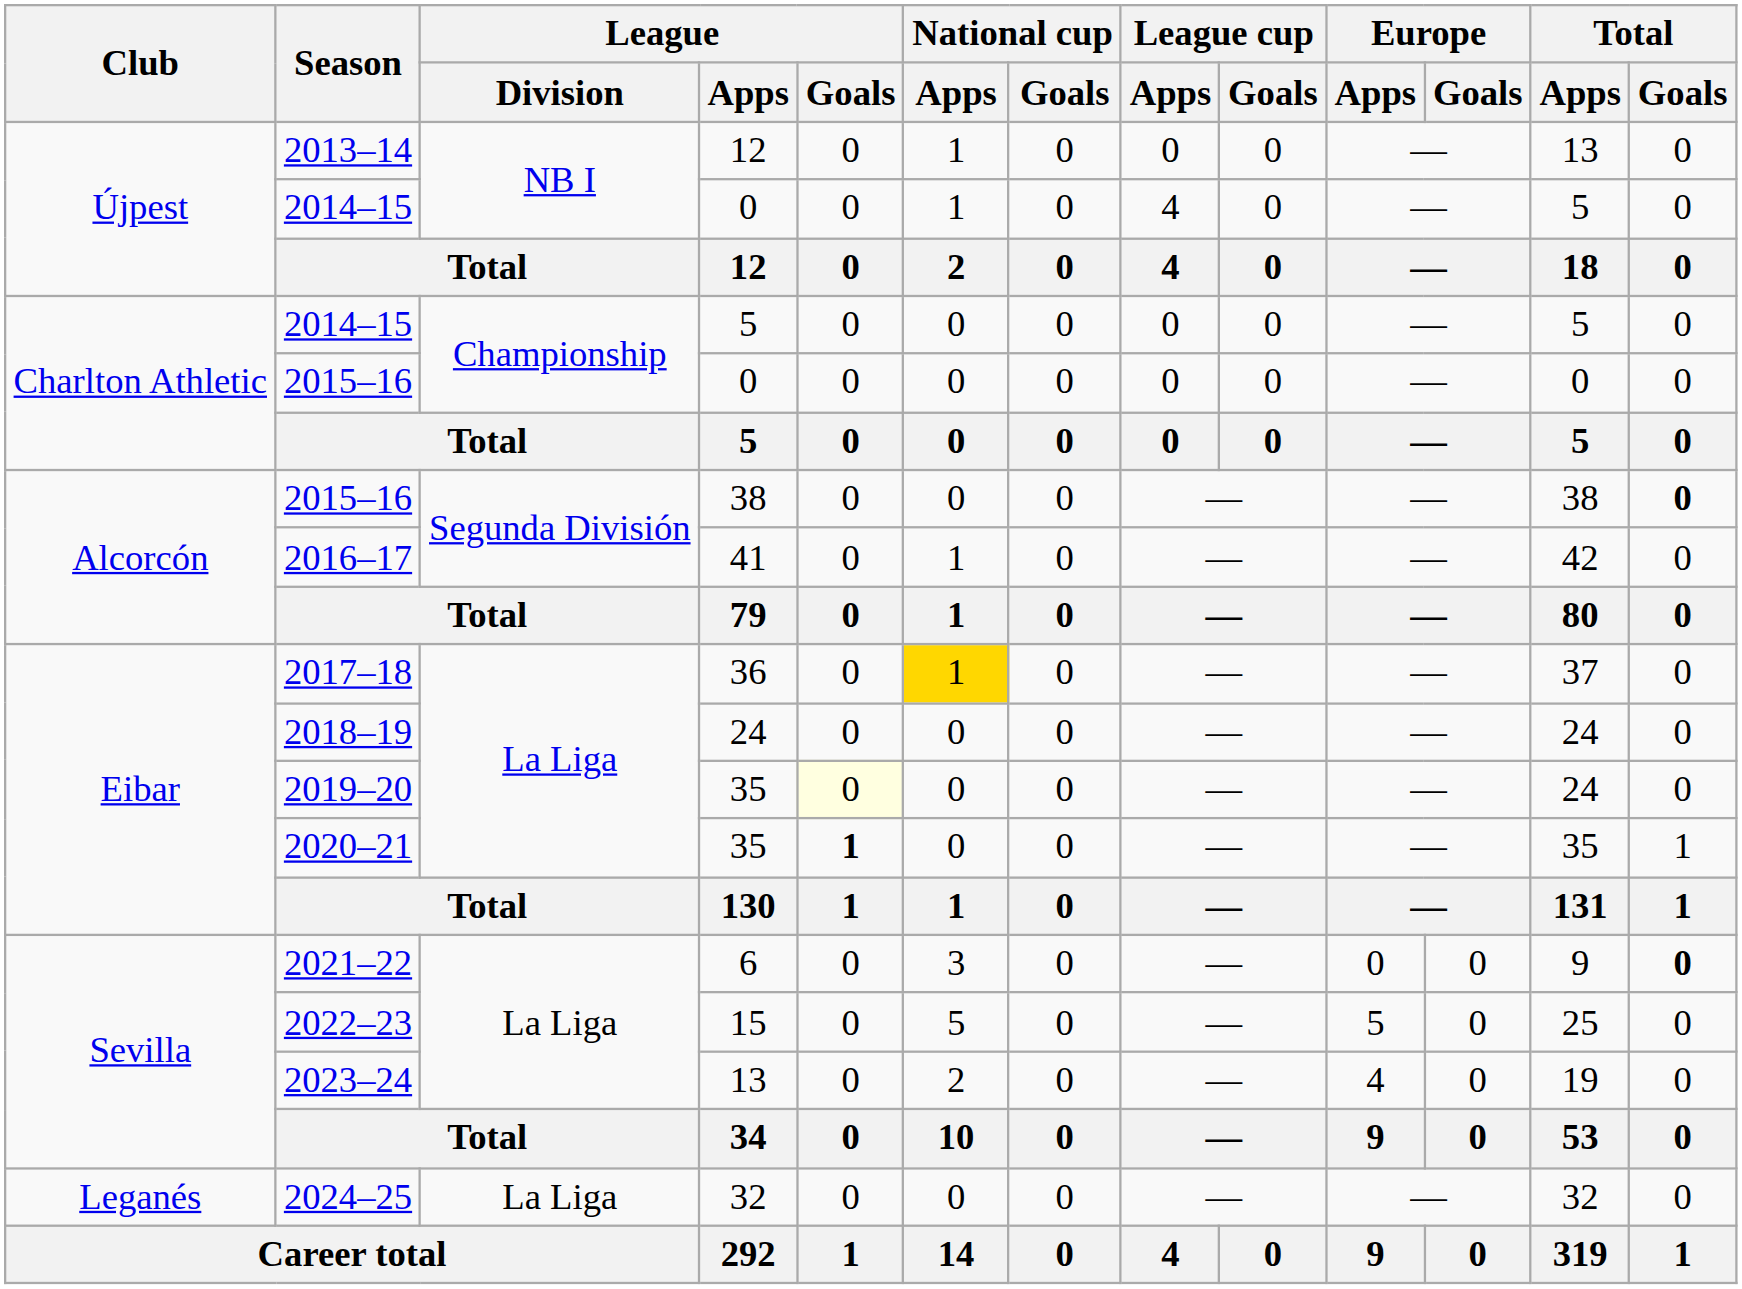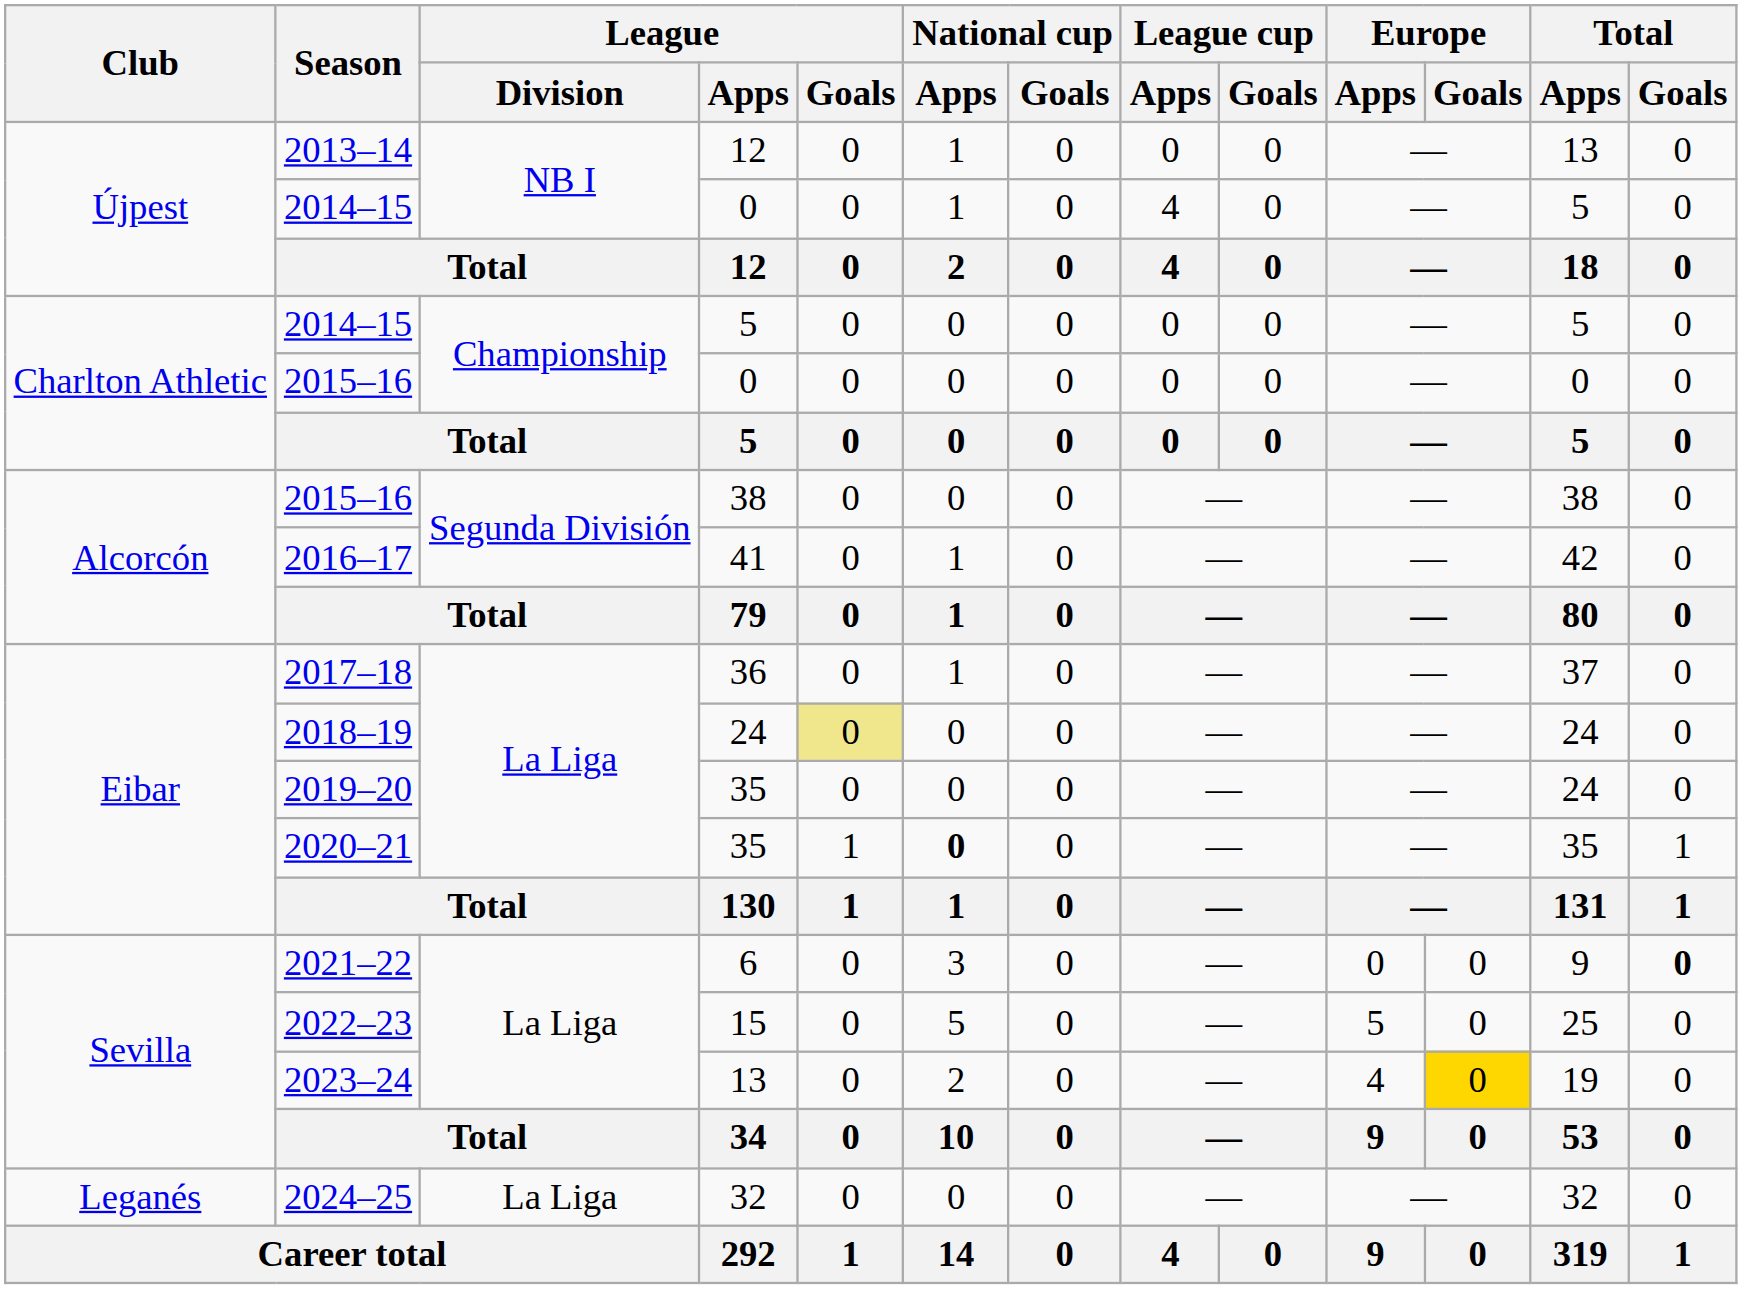 <table class="wikitable" style="text-align:center">
 <tr>
 <th rowspan="2">Club</th>
 <th rowspan="2">Season</th>
 <th colspan="3">League</th>
 <th colspan="2">National cup</th>
 <th colspan="2">League cup</th>
 <th colspan="2">Europe</th>
 <th colspan="2">Total</th>
 </tr>
 <tr>
 <th>Division</th>
 <th>Apps</th>
 <th>Goals</th>
 <th>Apps</th>
 <th>Goals</th>
 <th>Apps</th>
 <th>Goals</th>
 <th>Apps</th>
 <th>Goals</th>
 <th>Apps</th>
 <th>Goals</th>
 </tr>
 <tr>
 <td rowspan="3"><a href='#'>Újpest</a></td>
 <td><a href='#'>2013–14</a></td>
 <td rowspan="2"><a href='#'>NB I</a></td>
 <td>12</td>
 <td>0</td>
 <td>1</td>
 <td>0</td>
 <td>0</td>
 <td>0</td>
 <td colspan="2">—</td>
 <td>13</td>
 <td>0</td>
 </tr>
 <tr>
 <td><a href='#'>2014–15</a></td>
 <td>0</td>
 <td>0</td>
 <td>1</td>
 <td>0</td>
 <td>4</td>
 <td>0</td>
 <td colspan="2">—</td>
 <td>5</td>
 <td>0</td>
 </tr>
 <tr>
 <th colspan="2">Total</th>
 <th>12</th>
 <th>0</th>
 <th>2</th>
 <th>0</th>
 <th>4</th>
 <th>0</th>
 <th colspan="2">—</th>
 <th>18</th>
 <th>0</th>
 </tr>
 <tr>
 <td rowspan="3"><a href='#'>Charlton Athletic</a></td>
 <td><a href='#'>2014–15</a></td>
 <td rowspan="2"><a href='#'>Championship</a></td>
 <td>5</td>
 <td>0</td>
 <td>0</td>
 <td>0</td>
 <td>0</td>
 <td>0</td>
 <td colspan="2">—</td>
 <td>5</td>
 <td>0</td>
 </tr>
 <tr>
 <td><a href='#'>2015–16</a></td>
 <td>0</td>
 <td>0</td>
 <td>0</td>
 <td>0</td>
 <td>0</td>
 <td>0</td>
 <td colspan="2">—</td>
 <td>0</td>
 <td>0</td>
 </tr>
 <tr>
 <th colspan="2">Total</th>
 <th>5</th>
 <th>0</th>
 <th>0</th>
 <th>0</th>
 <th>0</th>
 <th>0</th>
 <th colspan="2">—</th>
 <th>5</th>
 <th>0</th>
 </tr>
 <tr>
 <td rowspan="3"><a href='#'>Alcorcón</a></td>
 <td><a href='#'>2015–16</a></td>
 <td rowspan="2"><a href='#'>Segunda División</a></td>
 <td>38</td>
 <td>0</td>
 <td>0</td>
 <td>0</td>
 <td colspan="2">—</td>
 <td colspan="2">—</td>
 <td>38</td>
-<td><strong>0</strong></td>
+<td>0</td>
 </tr>
 <tr>
 <td><a href='#'>2016–17</a></td>
 <td>41</td>
 <td>0</td>
 <td>1</td>
 <td>0</td>
 <td colspan="2">—</td>
 <td colspan="2">—</td>
 <td>42</td>
 <td>0</td>
 </tr>
 <tr>
 <th colspan="2">Total</th>
 <th>79</th>
 <th>0</th>
 <th>1</th>
 <th>0</th>
 <th colspan="2">—</th>
 <th colspan="2">—</th>
 <th>80</th>
 <th>0</th>
 </tr>
 <tr>
 <td rowspan="5"><a href='#'>Eibar</a></td>
 <td><a href='#'>2017–18</a></td>
 <td rowspan="4"><a href='#'>La Liga</a></td>
 <td>36</td>
 <td>0</td>
-<td style="background: gold;">1</td>
+<td>1</td>
 <td>0</td>
 <td colspan="2">—</td>
 <td colspan="2">—</td>
 <td>37</td>
 <td>0</td>
 </tr>
 <tr>
 <td><a href='#'>2018–19</a></td>
 <td>24</td>
-<td>0</td>
+<td style="background: khaki;">0</td>
 <td>0</td>
 <td>0</td>
 <td colspan="2">—</td>
 <td colspan="2">—</td>
 <td>24</td>
 <td>0</td>
 </tr>
 <tr>
 <td><a href='#'>2019–20</a></td>
 <td>35</td>
-<td style="background: lightyellow;">0</td>
+<td>0</td>
 <td>0</td>
 <td>0</td>
 <td colspan="2">—</td>
 <td colspan="2">—</td>
 <td>24</td>
 <td>0</td>
 </tr>
 <tr>
 <td><a href='#'>2020–21</a></td>
 <td>35</td>
-<td><strong>1</strong></td>
-<td>0</td>
+<td>1</td>
+<td><strong>0</strong></td>
 <td>0</td>
 <td colspan="2">—</td>
 <td colspan="2">—</td>
 <td>35</td>
 <td>1</td>
 </tr>
 <tr>
 <th colspan="2">Total</th>
 <th>130</th>
 <th>1</th>
 <th>1</th>
 <th>0</th>
 <th colspan="2">—</th>
 <th colspan="2">—</th>
 <th>131</th>
 <th>1</th>
 </tr>
 <tr>
 <td rowspan="4"><a href='#'>Sevilla</a></td>
 <td><a href='#'>2021–22</a></td>
 <td rowspan="3">La Liga</td>
 <td>6</td>
 <td>0</td>
 <td>3</td>
 <td>0</td>
 <td colspan="2">—</td>
 <td>0</td>
 <td>0</td>
 <td>9</td>
 <td><strong>0</strong></td>
 </tr>
 <tr>
 <td><a href='#'>2022–23</a></td>
 <td>15</td>
 <td>0</td>
 <td>5</td>
 <td>0</td>
 <td colspan="2">—</td>
 <td>5</td>
 <td>0</td>
 <td>25</td>
 <td>0</td>
 </tr>
 <tr>
 <td><a href='#'>2023–24</a></td>
 <td>13</td>
 <td>0</td>
 <td>2</td>
 <td>0</td>
 <td colspan="2">—</td>
 <td>4</td>
-<td>0</td>
+<td style="background: gold;">0</td>
 <td>19</td>
 <td>0</td>
 </tr>
 <tr>
 <th colspan="2">Total</th>
 <th>34</th>
 <th>0</th>
 <th>10</th>
 <th>0</th>
 <th colspan="2">—</th>
 <th>9</th>
 <th>0</th>
 <th>53</th>
 <th>0</th>
 </tr>
 <tr>
 <td><a href='#'>Leganés</a></td>
 <td><a href='#'>2024–25</a></td>
 <td>La Liga</td>
 <td>32</td>
 <td>0</td>
 <td>0</td>
 <td>0</td>
 <td colspan="2">—</td>
 <td colspan="2">—</td>
 <td>32</td>
 <td>0</td>
 </tr>
 <tr>
 <th colspan="3">Career total</th>
 <th>292</th>
 <th>1</th>
 <th>14</th>
 <th>0</th>
 <th>4</th>
 <th>0</th>
 <th>9</th>
 <th>0</th>
 <th>319</th>
 <th>1</th>
 </tr>
 </table>
